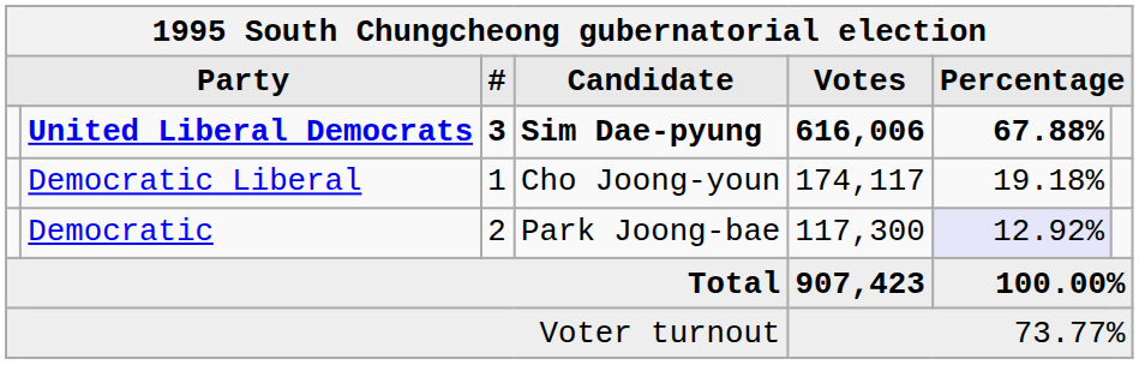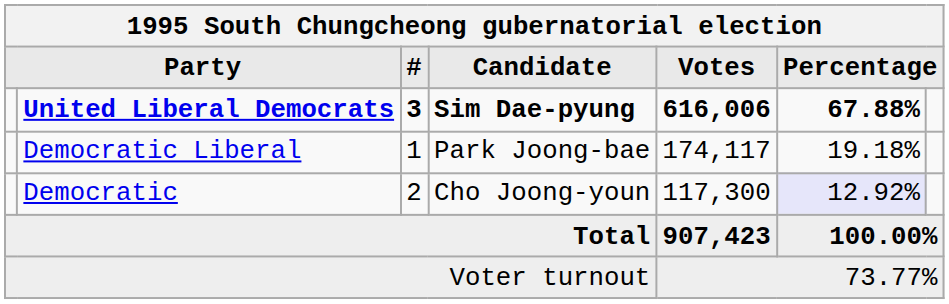 <table class="wikitable">
 <tr>
 <th colspan="7">1995 South Chungcheong gubernatorial election</th>
 </tr>
 <tr>
 <th style="background-color:#E9E9E9" colspan=2>Party</th>
 <th style="background-color:#E9E9E9">#</th>
 <th style="background-color:#E9E9E9">Candidate</th>
 <th style="background-color:#E9E9E9">Votes</th>
 <th style="background-color:#E9E9E9" colspan=2>Percentage</th>
 </tr>
 <tr style="font-weight:bold">
 <td></td>
 <td align=left><a href='#'>United Liberal Democrats</a></td>
 <td align=center>3</td>
 <td align=left>Sim Dae-pyung</td>
 <td align=right>616,006</td>
 <td align=right>67.88%</td>
 <td align=right></td>
 </tr>
 <tr>
 <td></td>
 <td align=left><a href='#'>Democratic Liberal</a></td>
 <td align=center>1</td>
-<td align=left>Cho Joong-youn</td>
+<td align=left>Park Joong-bae</td>
 <td align=right>174,117</td>
 <td align=right>19.18%</td>
 <td align=right></td>
 </tr>
 <tr>
 <td></td>
 <td align=left><a href='#'>Democratic</a></td>
 <td align=center>2</td>
-<td align=left>Park Joong-bae</td>
+<td align=left>Cho Joong-youn</td>
 <td align=right>117,300</td>
 <td align=right style="background: lavender;">12.92%</td>
 <td align=right></td>
 </tr>
 <tr bgcolor="#EEEEEE" style="font-weight:bold">
 <td colspan="4" align=right>Total</td>
 <td align=right>907,423</td>
 <td align=right colspan=2>100.00%</td>
 </tr>
 <tr bgcolor="#EEEEEE">
 <td colspan="4" align="right">Voter turnout</td>
 <td colspan="3" align="right">73.77%</td>
 </tr>
 </table>
